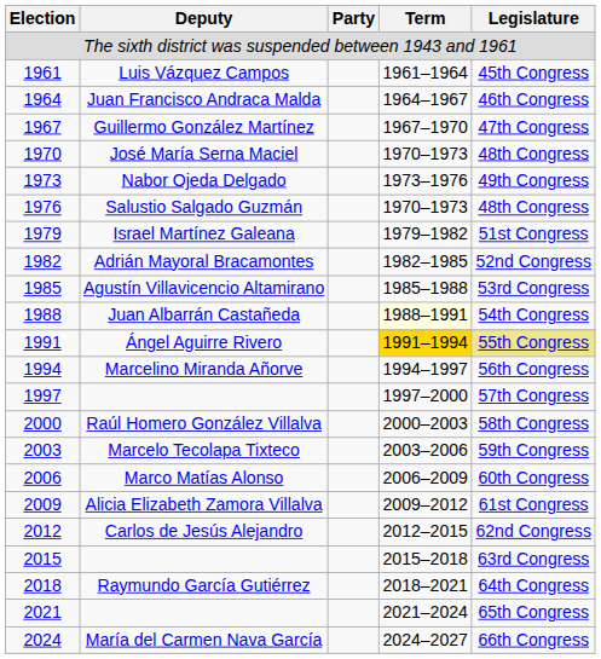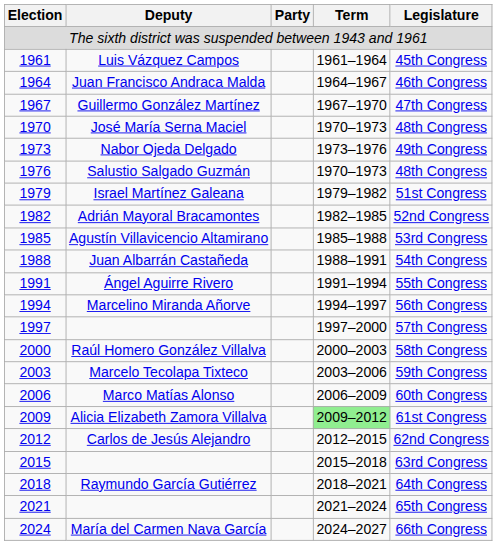 <table class="wikitable sortable" style="text-align: center">
 <tr>
 <th>Election</th>
 <th class="unsortable">Deputy</th>
 <th class="unsortable">Party</th>
 <th class="unsortable">Term</th>
 <th class="unsortable">Legislature</th>
 </tr>
 <tr align=center style="background:Gainsboro;">
 <td colspan=5> <em>The sixth district was suspended between 1943 and 1961</em></td>
 </tr>
 <tr>
 <td><a href='#'>1961</a></td>
 <td><a href='#'>Luis Vázquez Campos</a></td>
 <td></td>
 <td>1961–1964</td>
 <td><a href='#'>45th Congress</a></td>
 </tr>
 <tr>
 <td><a href='#'>1964</a></td>
 <td><a href='#'>Juan Francisco Andraca Malda</a></td>
 <td></td>
 <td>1964–1967</td>
 <td><a href='#'>46th Congress</a></td>
 </tr>
 <tr>
 <td><a href='#'>1967</a></td>
 <td><a href='#'>Guillermo González Martínez</a></td>
 <td></td>
 <td>1967–1970</td>
 <td><a href='#'>47th Congress</a></td>
 </tr>
 <tr>
 <td><a href='#'>1970</a></td>
 <td><a href='#'>José María Serna Maciel</a></td>
 <td></td>
 <td>1970–1973</td>
 <td><a href='#'>48th Congress</a></td>
 </tr>
 <tr>
 <td><a href='#'>1973</a></td>
 <td><a href='#'>Nabor Ojeda Delgado</a></td>
 <td></td>
 <td>1973–1976</td>
 <td><a href='#'>49th Congress</a></td>
 </tr>
 <tr>
 <td><a href='#'>1976</a></td>
 <td><a href='#'>Salustio Salgado Guzmán</a></td>
 <td></td>
 <td>1970–1973</td>
 <td><a href='#'>48th Congress</a></td>
 </tr>
 <tr>
 <td><a href='#'>1979</a></td>
 <td><a href='#'>Israel Martínez Galeana</a></td>
 <td></td>
 <td>1979–1982</td>
 <td><a href='#'>51st Congress</a></td>
 </tr>
 <tr>
 <td><a href='#'>1982</a></td>
 <td><a href='#'>Adrián Mayoral Bracamontes</a></td>
 <td></td>
 <td>1982–1985</td>
 <td><a href='#'>52nd Congress</a></td>
 </tr>
 <tr>
 <td><a href='#'>1985</a></td>
 <td><a href='#'>Agustín Villavicencio Altamirano</a></td>
 <td></td>
 <td>1985–1988</td>
 <td><a href='#'>53rd Congress</a></td>
 </tr>
 <tr>
 <td><a href='#'>1988</a></td>
 <td><a href='#'>Juan Albarrán Castañeda</a></td>
 <td></td>
-<td style="background: lightyellow;">1988–1991</td>
+<td>1988–1991</td>
 <td><a href='#'>54th Congress</a></td>
 </tr>
 <tr>
 <td><a href='#'>1991</a></td>
 <td><a href='#'>Ángel Aguirre Rivero</a></td>
 <td></td>
-<td style="background: gold;">1991–1994</td>
-<td style="background: khaki;"><a href='#'>55th Congress</a></td>
+<td>1991–1994</td>
+<td><a href='#'>55th Congress</a></td>
 </tr>
 <tr>
 <td><a href='#'>1994</a></td>
 <td><a href='#'>Marcelino Miranda Añorve</a></td>
 <td></td>
 <td>1994–1997</td>
 <td><a href='#'>56th Congress</a></td>
 </tr>
 <tr>
 <td><a href='#'>1997</a></td>
 <td></td>
 <td></td>
 <td>1997–2000</td>
 <td><a href='#'>57th Congress</a></td>
 </tr>
 <tr>
 <td><a href='#'>2000</a></td>
 <td><a href='#'>Raúl Homero González Villalva</a></td>
 <td></td>
 <td>2000–2003</td>
 <td><a href='#'>58th Congress</a></td>
 </tr>
 <tr>
 <td><a href='#'>2003</a></td>
 <td><a href='#'>Marcelo Tecolapa Tixteco</a></td>
 <td></td>
 <td>2003–2006</td>
 <td><a href='#'>59th Congress</a></td>
 </tr>
 <tr>
 <td><a href='#'>2006</a></td>
 <td><a href='#'>Marco Matías Alonso</a></td>
 <td></td>
 <td>2006–2009</td>
 <td><a href='#'>60th Congress</a></td>
 </tr>
 <tr>
 <td><a href='#'>2009</a></td>
 <td><a href='#'>Alicia Elizabeth Zamora Villalva</a></td>
 <td></td>
-<td>2009–2012</td>
+<td style="background: lightgreen;">2009–2012</td>
 <td><a href='#'>61st Congress</a></td>
 </tr>
 <tr>
 <td><a href='#'>2012</a></td>
 <td><a href='#'>Carlos de Jesús Alejandro</a></td>
 <td></td>
 <td>2012–2015</td>
 <td><a href='#'>62nd Congress</a></td>
 </tr>
 <tr>
 <td><a href='#'>2015</a></td>
 <td></td>
 <td></td>
 <td>2015–2018</td>
 <td><a href='#'>63rd Congress</a></td>
 </tr>
 <tr>
 <td><a href='#'>2018</a></td>
 <td><a href='#'>Raymundo García Gutiérrez</a></td>
 <td></td>
 <td>2018–2021</td>
 <td><a href='#'>64th Congress</a></td>
 </tr>
 <tr>
 <td><a href='#'>2021</a></td>
 <td></td>
 <td></td>
 <td>2021–2024</td>
 <td><a href='#'>65th Congress</a></td>
 </tr>
 <tr>
 <td><a href='#'>2024</a></td>
 <td><a href='#'>María del Carmen Nava García</a></td>
 <td></td>
 <td>2024–2027</td>
 <td><a href='#'>66th Congress</a></td>
 </tr>
 </table>
